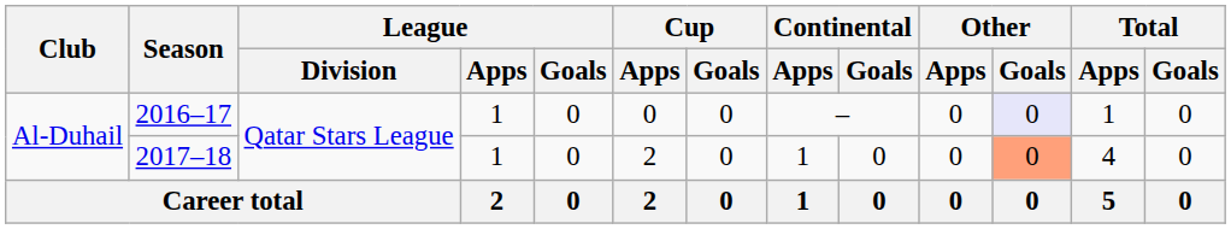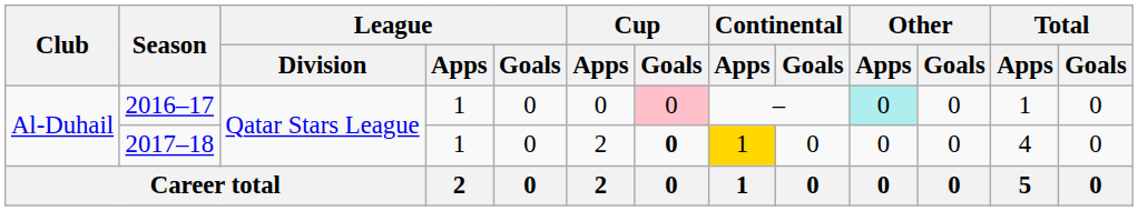 <table class="wikitable" style="text-align: center">
 <tr>
 <th rowspan="2">Club</th>
 <th rowspan="2">Season</th>
 <th colspan="3">League</th>
 <th colspan="2">Cup</th>
 <th colspan="2">Continental</th>
 <th colspan="2">Other</th>
 <th colspan="2">Total</th>
 </tr>
 <tr>
 <th>Division</th>
 <th>Apps</th>
 <th>Goals</th>
 <th>Apps</th>
 <th>Goals</th>
 <th>Apps</th>
 <th>Goals</th>
 <th>Apps</th>
 <th>Goals</th>
 <th>Apps</th>
 <th>Goals</th>
 </tr>
 <tr>
 <td rowspan="2"><a href='#'>Al-Duhail</a></td>
 <td><a href='#'>2016–17</a></td>
 <td rowspan="2"><a href='#'>Qatar Stars League</a></td>
 <td>1</td>
 <td>0</td>
 <td>0</td>
+<td style="background: pink;">0</td>
+<td colspan="2">–</td>
+<td style="background: paleturquoise;">0</td>
 <td>0</td>
-<td colspan="2">–</td>
-<td>0</td>
-<td style="background: lavender;">0</td>
 <td>1</td>
 <td>0</td>
 </tr>
 <tr>
 <td><a href='#'>2017–18</a></td>
 <td>1</td>
 <td>0</td>
 <td>2</td>
-<td>0</td>
-<td>1</td>
+<td><strong>0</strong></td>
+<td style="background: gold;">1</td>
 <td>0</td>
 <td>0</td>
-<td style="background: lightsalmon;">0</td>
+<td>0</td>
 <td>4</td>
 <td>0</td>
 </tr>
 <tr>
 <th colspan=3>Career total</th>
 <th>2</th>
 <th>0</th>
 <th>2</th>
 <th>0</th>
 <th>1</th>
 <th>0</th>
 <th>0</th>
 <th>0</th>
 <th>5</th>
 <th>0</th>
 </tr>
 </table>
